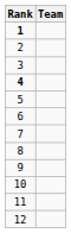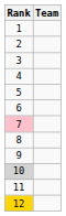 <table class="wikitable" style="text-align:center;">
 <tr>
 <th>Rank</th>
 <th>Team</th>
 </tr>
 <tr>
-<td><strong>1</strong></td>
+<td>1</td>
 <td style="text-align:left"></td>
 </tr>
 <tr>
 <td>2</td>
 <td style="text-align:left"></td>
 </tr>
 <tr>
 <td>3</td>
 <td style="text-align:left"></td>
 </tr>
 <tr>
-<td><strong>4</strong></td>
+<td>4</td>
 <td style="text-align:left"></td>
 </tr>
 <tr>
 <td>5</td>
 <td style="text-align:left"></td>
 </tr>
 <tr>
 <td>6</td>
 <td style="text-align:left"></td>
 </tr>
 <tr>
-<td>7</td>
+<td style="background: pink;">7</td>
 <td style="text-align:left"></td>
 </tr>
 <tr>
 <td>8</td>
 <td style="text-align:left"></td>
 </tr>
 <tr>
 <td>9</td>
 <td style="text-align:left"></td>
 </tr>
 <tr>
-<td>10</td>
+<td style="background: lightgrey;">10</td>
 <td style="text-align:left"></td>
 </tr>
 <tr>
 <td>11</td>
 <td style="text-align:left"></td>
 </tr>
 <tr>
-<td>12</td>
+<td style="background: gold;">12</td>
 <td style="text-align:left"></td>
 </tr>
 </table>
